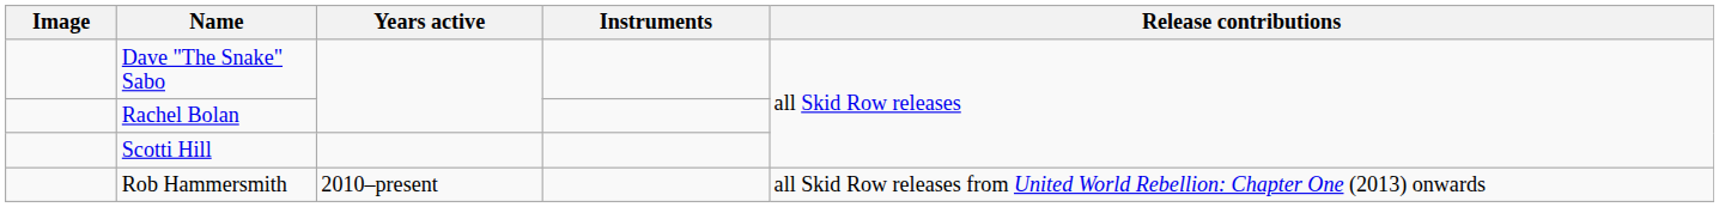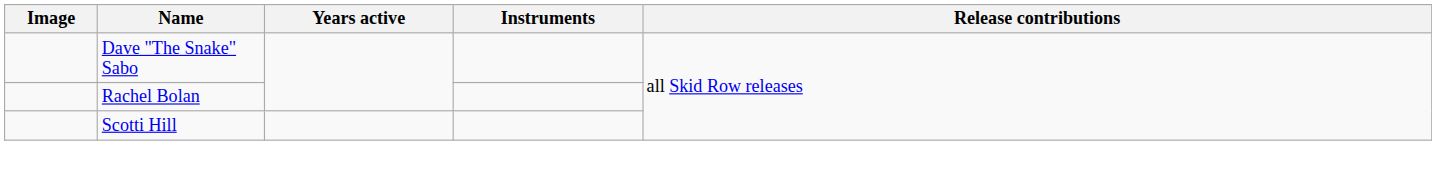 <table class="wikitable" border="1" width=100%>
 <tr>
 <th width="75">Image</th>
 <th width="140">Name</th>
 <th width="160">Years active</th>
 <th width="160">Instruments</th>
 <th>Release contributions</th>
 </tr>
 <tr>
 <td></td>
 <td><a href='#'>Dave "The Snake" Sabo</a></td>
 <td rowspan="2"></td>
 <td></td>
 <td rowspan="3">all <a href='#'>Skid Row releases</a></td>
 </tr>
 <tr>
 <td></td>
 <td><a href='#'>Rachel Bolan</a></td>
 <td></td>
 </tr>
 <tr>
 <td></td>
 <td><a href='#'>Scotti Hill</a></td>
 <td></td>
 <td></td>
 </tr>
-<tr>
-<td></td>
-<td>Rob Hammersmith</td>
-<td>2010–present</td>
-<td></td>
-<td>all Skid Row releases from <em><a href='#'>United World Rebellion: Chapter One</a></em> (2013) onwards</td>
-</tr>
 </table>
